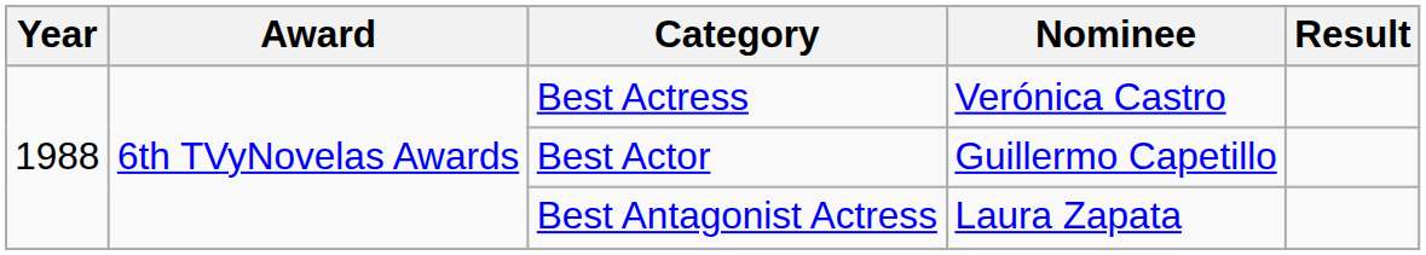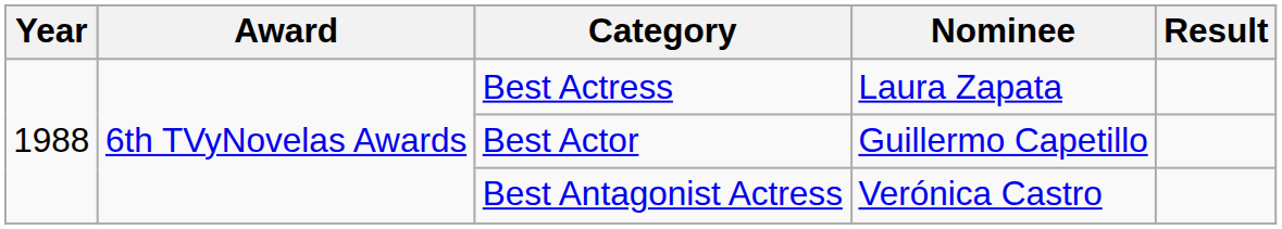 <table class="wikitable">
 <tr style="background:#b0c4de;">
 <th>Year</th>
 <th>Award</th>
 <th>Category</th>
 <th>Nominee</th>
 <th>Result</th>
 </tr>
 <tr>
 <td rowspan=3>1988</td>
 <td rowspan=3><a href='#'>6th TVyNovelas Awards</a></td>
 <td><a href='#'>Best Actress</a></td>
-<td><a href='#'>Verónica Castro</a></td>
+<td><a href='#'>Laura Zapata</a></td>
 <td></td>
 </tr>
 <tr>
 <td><a href='#'>Best Actor</a></td>
 <td><a href='#'>Guillermo Capetillo</a></td>
 <td></td>
 </tr>
 <tr>
 <td><a href='#'>Best Antagonist Actress</a></td>
-<td><a href='#'>Laura Zapata</a></td>
+<td><a href='#'>Verónica Castro</a></td>
 <td></td>
 </tr>
 </table>
